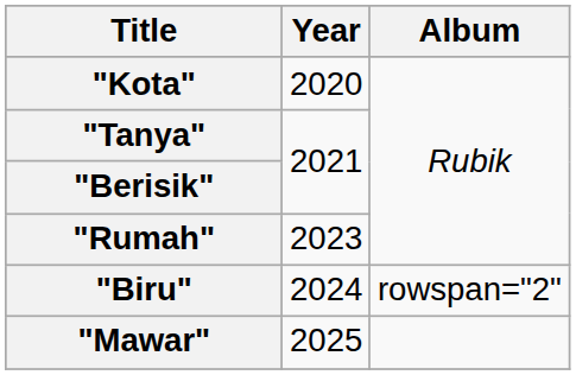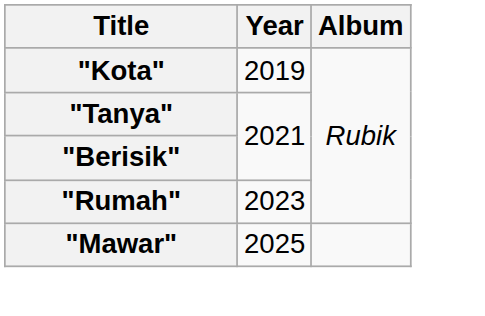 <table class="wikitable plainrowheaders" style="text-align:center">
 <tr>
 <th scope="col" style="width:8em;">Title</th>
 <th>Year</th>
 <th scope="col">Album</th>
 </tr>
 <tr>
 <th scope="row">"Kota"</th>
-<td>2020</td>
+<td>2019</td>
 <td rowspan="4"><em>Rubik</em></td>
 </tr>
 <tr>
 <th scope="row">"Tanya"</th>
 <td rowspan="2">2021</td>
 </tr>
 <tr>
 <th scope="row">"Berisik"</th>
 </tr>
 <tr>
 <th scope="row">"Rumah"</th>
 <td>2023</td>
 </tr>
 <tr>
-<th scope="row">"Biru"</th>
-<td>2024</td>
-<td>rowspan="2" </td>
-</tr>
-<tr>
 <th scope="row">"Mawar"</th>
 <td>2025</td>
 </tr>
 </table>
